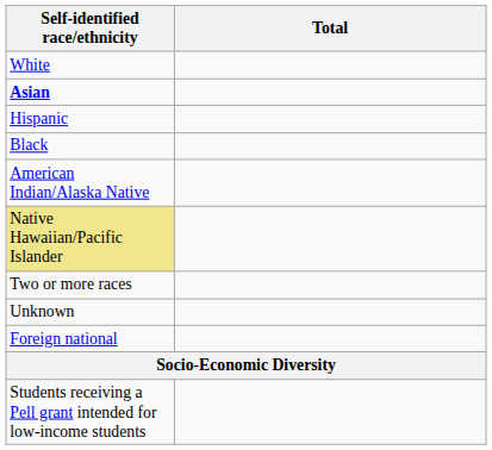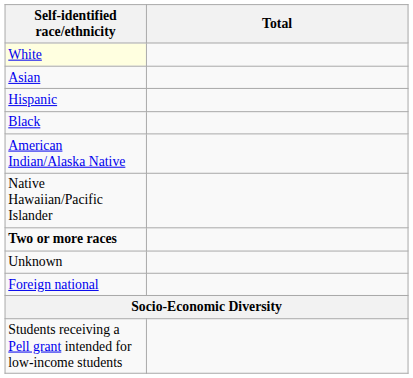 <table class="wikitable sortable" style="float:right; font-size:85%; margin:10px; width: 400px">
 <tr>
 <th style="width:35%;">Self-identified race/ethnicity</th>
 <th colspan="2" data-sort-type=number>Total</th>
 </tr>
 <tr>
-<td><a href='#'>White</a></td>
+<td style="background: lightyellow;"><a href='#'>White</a></td>
 <td align=right></td>
 </tr>
 <tr>
-<td><strong><a href='#'>Asian</a></strong></td>
+<td><a href='#'>Asian</a></td>
 <td align=right></td>
 </tr>
 <tr>
 <td><a href='#'>Hispanic</a></td>
 <td align=right></td>
 </tr>
 <tr>
 <td><a href='#'>Black</a></td>
 <td align=right></td>
 </tr>
 <tr>
 <td><a href='#'>American Indian/Alaska Native</a></td>
 <td align=right></td>
 </tr>
 <tr>
-<td style="background: khaki;">Native Hawaiian/Pacific Islander</td>
+<td>Native Hawaiian/Pacific Islander</td>
 <td align=right></td>
 </tr>
 <tr>
-<td>Two or more races</td>
+<td><strong>Two or more races</strong></td>
 <td align=right></td>
 </tr>
 <tr>
 <td>Unknown</td>
 <td align=right></td>
 </tr>
 <tr>
 <td><a href='#'>Foreign national</a></td>
 <td align=right></td>
 </tr>
 <tr>
 <th colspan="4" data-sort-type=number>Socio-Economic Diversity</th>
 </tr>
 <tr>
 <td>Students receiving a <a href='#'>Pell grant</a> intended for low-income students</td>
 <td align=right></td>
 </tr>
 </table>
